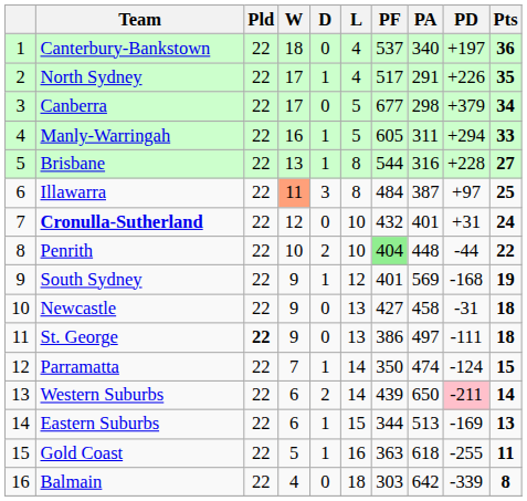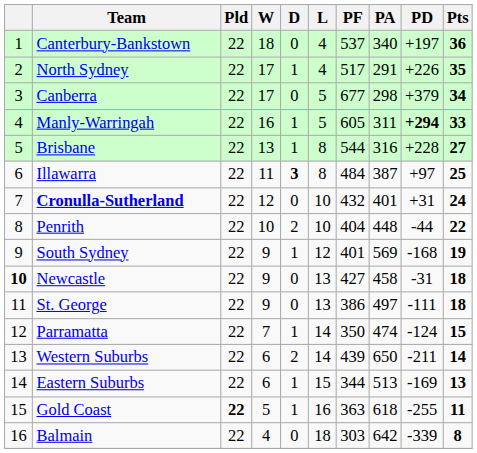 <table class="wikitable" style="text-align:center;">
 <tr>
 <th width=20 abbr="Position×"></th>
 <th width=175>Team</th>
 <th width=20 abbr="Played">Pld</th>
 <th width=20 abbr="Won">W</th>
 <th width=20 abbr="Drawn">D</th>
 <th width=20 abbr="Lost">L</th>
 <th width=20 abbr="Points for">PF</th>
 <th width=20 abbr="Points against">PA</th>
 <th width=20 abbr="Points difference">PD</th>
 <th width=20 abbr="Points">Pts</th>
 </tr>
 <tr style="background: #ccffcc;">
 <td>1</td>
 <td style="text-align:left;"> <a href='#'>Canterbury-Bankstown</a></td>
 <td>22</td>
 <td>18</td>
 <td>0</td>
 <td>4</td>
 <td>537</td>
 <td>340</td>
 <td>+197</td>
 <td><strong>36</strong></td>
 </tr>
 <tr style="background: #ccffcc;">
 <td>2</td>
 <td style="text-align:left;"> <a href='#'>North Sydney</a></td>
 <td>22</td>
 <td>17</td>
 <td>1</td>
 <td>4</td>
 <td>517</td>
 <td>291</td>
 <td>+226</td>
 <td><strong>35</strong></td>
 </tr>
 <tr style="background: #ccffcc;">
 <td>3</td>
 <td style="text-align:left;"> <a href='#'>Canberra</a></td>
 <td>22</td>
 <td>17</td>
 <td>0</td>
 <td>5</td>
 <td>677</td>
 <td>298</td>
 <td>+379</td>
 <td><strong>34</strong></td>
 </tr>
 <tr style="background: #ccffcc;">
 <td>4</td>
 <td style="text-align:left;"> <a href='#'>Manly-Warringah</a></td>
 <td>22</td>
 <td>16</td>
 <td>1</td>
 <td>5</td>
 <td>605</td>
 <td>311</td>
-<td>+294</td>
+<td><strong>+294</strong></td>
 <td><strong>33</strong></td>
 </tr>
 <tr style="background: #ccffcc;">
 <td>5</td>
 <td style="text-align:left;"> <a href='#'>Brisbane</a></td>
 <td>22</td>
 <td>13</td>
 <td>1</td>
 <td>8</td>
 <td>544</td>
 <td>316</td>
 <td>+228</td>
 <td><strong>27</strong></td>
 </tr>
 <tr>
 <td>6</td>
 <td style="text-align:left;"> <a href='#'>Illawarra</a></td>
 <td>22</td>
-<td style="background: lightsalmon;">11</td>
-<td>3</td>
+<td>11</td>
+<td><strong>3</strong></td>
 <td>8</td>
 <td>484</td>
 <td>387</td>
 <td>+97</td>
 <td><strong>25</strong></td>
 </tr>
 <tr>
 <td>7</td>
 <td style="text-align:left;"> <strong><a href='#'>Cronulla-Sutherland</a></strong></td>
 <td>22</td>
 <td>12</td>
 <td>0</td>
 <td>10</td>
 <td>432</td>
 <td>401</td>
 <td>+31</td>
 <td><strong>24</strong></td>
 </tr>
 <tr>
 <td>8</td>
 <td style="text-align:left;"> <a href='#'>Penrith</a></td>
 <td>22</td>
 <td>10</td>
 <td>2</td>
 <td>10</td>
-<td style="background: lightgreen;">404</td>
+<td>404</td>
 <td>448</td>
 <td>-44</td>
 <td><strong>22</strong></td>
 </tr>
 <tr>
 <td>9</td>
 <td style="text-align:left;"> <a href='#'>South Sydney</a></td>
 <td>22</td>
 <td>9</td>
 <td>1</td>
 <td>12</td>
 <td>401</td>
 <td>569</td>
 <td>-168</td>
 <td><strong>19</strong></td>
 </tr>
 <tr>
-<td>10</td>
+<td><strong>10</strong></td>
 <td style="text-align:left;"> <a href='#'>Newcastle</a></td>
 <td>22</td>
 <td>9</td>
 <td>0</td>
 <td>13</td>
 <td>427</td>
 <td>458</td>
 <td>-31</td>
 <td><strong>18</strong></td>
 </tr>
 <tr>
 <td>11</td>
 <td style="text-align:left;"> <a href='#'>St. George</a></td>
-<td><strong>22</strong></td>
+<td>22</td>
 <td>9</td>
 <td>0</td>
 <td>13</td>
 <td>386</td>
 <td>497</td>
 <td>-111</td>
 <td><strong>18</strong></td>
 </tr>
 <tr>
 <td>12</td>
 <td style="text-align:left;"> <a href='#'>Parramatta</a></td>
 <td>22</td>
 <td>7</td>
 <td>1</td>
 <td>14</td>
 <td>350</td>
 <td>474</td>
 <td>-124</td>
 <td><strong>15</strong></td>
 </tr>
 <tr>
 <td>13</td>
 <td style="text-align:left;"> <a href='#'>Western Suburbs</a></td>
 <td>22</td>
 <td>6</td>
 <td>2</td>
 <td>14</td>
 <td>439</td>
 <td>650</td>
-<td style="background: pink;">-211</td>
+<td>-211</td>
 <td><strong>14</strong></td>
 </tr>
 <tr>
 <td>14</td>
 <td style="text-align:left;"> <a href='#'>Eastern Suburbs</a></td>
 <td>22</td>
 <td>6</td>
 <td>1</td>
 <td>15</td>
 <td>344</td>
 <td>513</td>
 <td>-169</td>
 <td><strong>13</strong></td>
 </tr>
 <tr>
 <td>15</td>
 <td style="text-align:left;"> <a href='#'>Gold Coast</a></td>
-<td>22</td>
+<td><strong>22</strong></td>
 <td>5</td>
 <td>1</td>
 <td>16</td>
 <td>363</td>
 <td>618</td>
 <td>-255</td>
 <td><strong>11</strong></td>
 </tr>
 <tr>
 <td>16</td>
 <td style="text-align:left;"> <a href='#'>Balmain</a></td>
 <td>22</td>
 <td>4</td>
 <td>0</td>
 <td>18</td>
 <td>303</td>
 <td>642</td>
 <td>-339</td>
 <td><strong>8</strong></td>
 </tr>
 <tr>
 </tr>
 </table>
